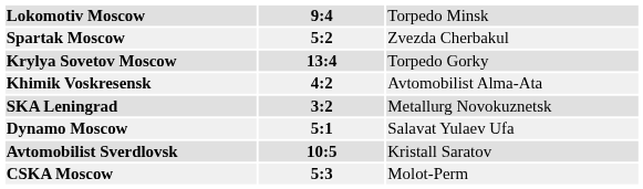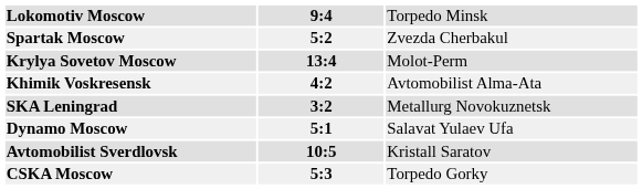 <table width="70%">
 <tr bgcolor="#e0e0e0">
 <td style="width:40%;"><strong>Lokomotiv Moscow</strong></td>
 <th style="width:20%;"><strong>9:4</strong></th>
 <td style="width:40%;">Torpedo Minsk</td>
 </tr>
 <tr bgcolor="#f0f0f0">
 <td><strong>Spartak Moscow</strong></td>
 <th><strong>5:2</strong></th>
 <td>Zvezda Cherbakul</td>
 </tr>
 <tr bgcolor="#e0e0e0">
 <td><strong>Krylya Sovetov Moscow</strong></td>
 <th><strong>13:4</strong></th>
-<td>Torpedo Gorky</td>
+<td>Molot-Perm</td>
 </tr>
 <tr bgcolor="#f0f0f0">
 <td><strong>Khimik Voskresensk</strong></td>
 <td align="center"><strong>4:2</strong></td>
 <td>Avtomobilist Alma-Ata</td>
 </tr>
 <tr bgcolor="#e0e0e0">
 <td><strong>SKA Leningrad</strong></td>
 <th><strong>3:2</strong></th>
 <td>Metallurg Novokuznetsk</td>
 </tr>
 <tr bgcolor="#f0f0f0">
 <td><strong>Dynamo Moscow</strong></td>
 <td align="center"><strong>5:1</strong></td>
 <td>Salavat Yulaev Ufa</td>
 </tr>
 <tr bgcolor="#e0e0e0">
 <td><strong>Avtomobilist Sverdlovsk</strong></td>
 <th><strong>10:5</strong></th>
 <td>Kristall Saratov</td>
 </tr>
 <tr bgcolor="#f0f0f0">
 <td><strong>CSKA Moscow</strong></td>
 <td align="center"><strong>5:3</strong></td>
-<td>Molot-Perm</td>
+<td>Torpedo Gorky</td>
 </tr>
 </table>
